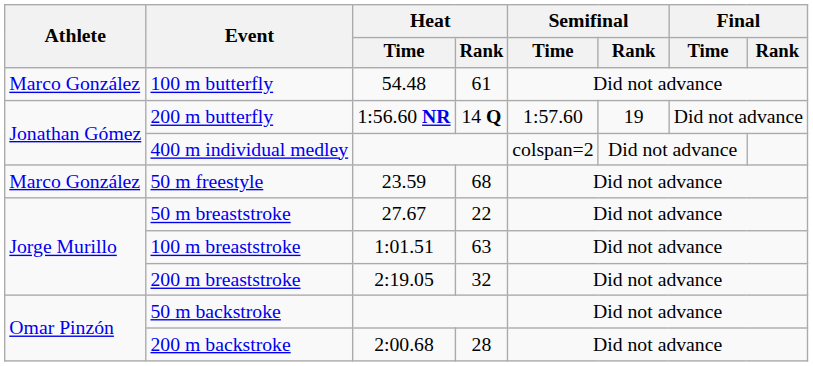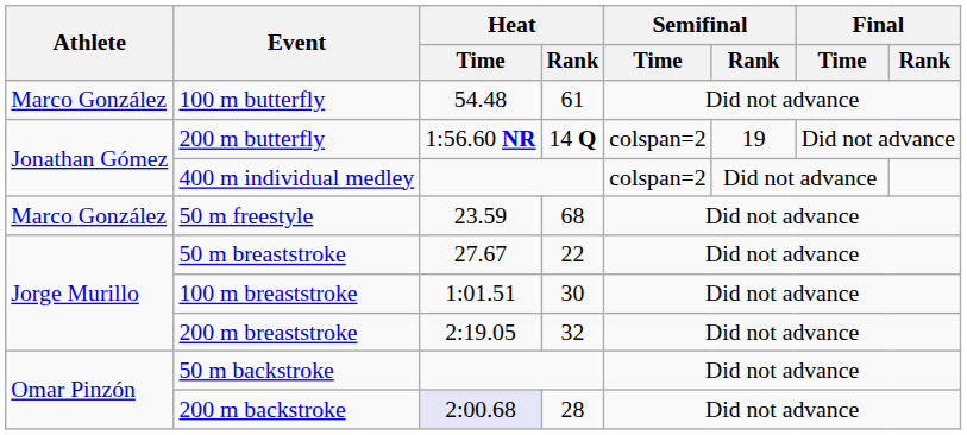 <table class=wikitable style="font-size:90%">
 <tr>
 <th rowspan="2">Athlete</th>
 <th rowspan="2">Event</th>
 <th colspan="2">Heat</th>
 <th colspan="2">Semifinal</th>
 <th colspan="2">Final</th>
 </tr>
 <tr style="font-size:95%">
 <th>Time</th>
 <th>Rank</th>
 <th>Time</th>
 <th>Rank</th>
 <th>Time</th>
 <th>Rank</th>
 </tr>
 <tr align=center>
 <td align=left><a href='#'>Marco González</a></td>
 <td align=left><a href='#'>100 m butterfly</a></td>
 <td>54.48</td>
 <td>61</td>
 <td colspan=4>Did not advance</td>
 </tr>
 <tr align=center>
 <td align=left rowspan=2><a href='#'>Jonathan Gómez</a></td>
 <td align=left><a href='#'>200 m butterfly</a></td>
 <td>1:56.60 <strong><a href='#'>NR</a></strong></td>
 <td>14 <strong>Q</strong></td>
-<td>1:57.60</td>
+<td>colspan=2 </td>
 <td>19</td>
 <td colspan=2>Did not advance</td>
 </tr>
 <tr align=center>
 <td align=left><a href='#'>400 m individual medley</a></td>
 <td colspan=2></td>
 <td>colspan=2 </td>
 <td colspan=2>Did not advance</td>
 </tr>
 <tr align=center>
 <td align=left><a href='#'>Marco González</a></td>
 <td align=left><a href='#'>50 m freestyle</a></td>
 <td>23.59</td>
 <td>68</td>
 <td colspan=4>Did not advance</td>
 </tr>
 <tr align=center>
 <td align=left rowspan=3><a href='#'>Jorge Murillo</a></td>
 <td align=left><a href='#'>50 m breaststroke</a></td>
 <td>27.67</td>
 <td>22</td>
 <td colspan=4>Did not advance</td>
 </tr>
 <tr align=center>
 <td align=left><a href='#'>100 m breaststroke</a></td>
 <td>1:01.51</td>
-<td>63</td>
+<td>30</td>
 <td colspan=4>Did not advance</td>
 </tr>
 <tr align=center>
 <td align=left><a href='#'>200 m breaststroke</a></td>
 <td>2:19.05</td>
 <td>32</td>
 <td colspan=4>Did not advance</td>
 </tr>
 <tr align=center>
 <td align=left rowspan=2><a href='#'>Omar Pinzón</a></td>
 <td align=left><a href='#'>50 m backstroke</a></td>
 <td colspan=2></td>
 <td colspan=4>Did not advance</td>
 </tr>
 <tr align=center>
 <td align=left><a href='#'>200 m backstroke</a></td>
-<td>2:00.68</td>
+<td style="background: lavender;">2:00.68</td>
 <td>28</td>
 <td colspan=4>Did not advance</td>
 </tr>
 </table>
